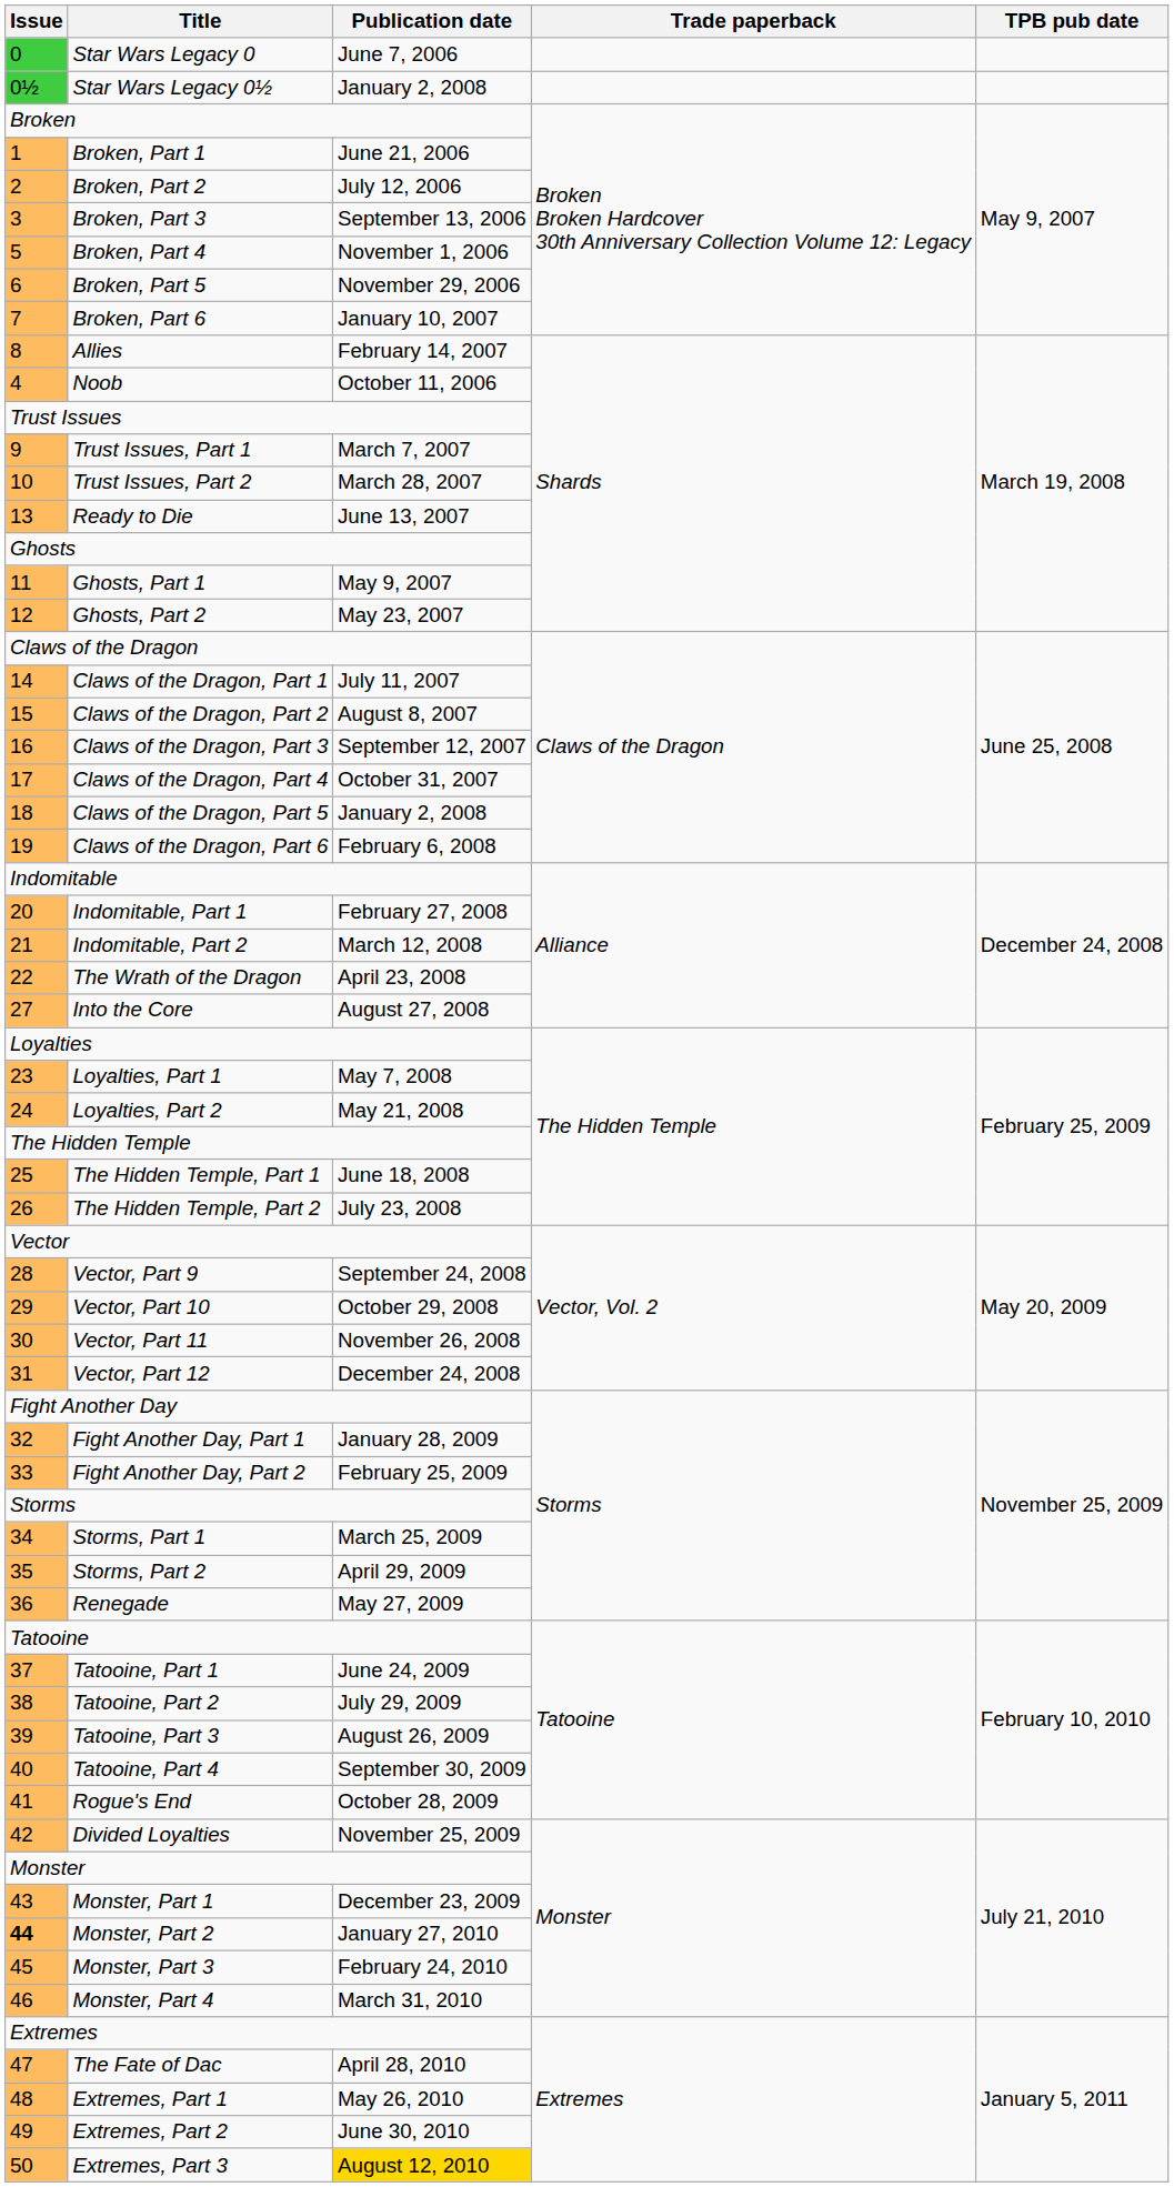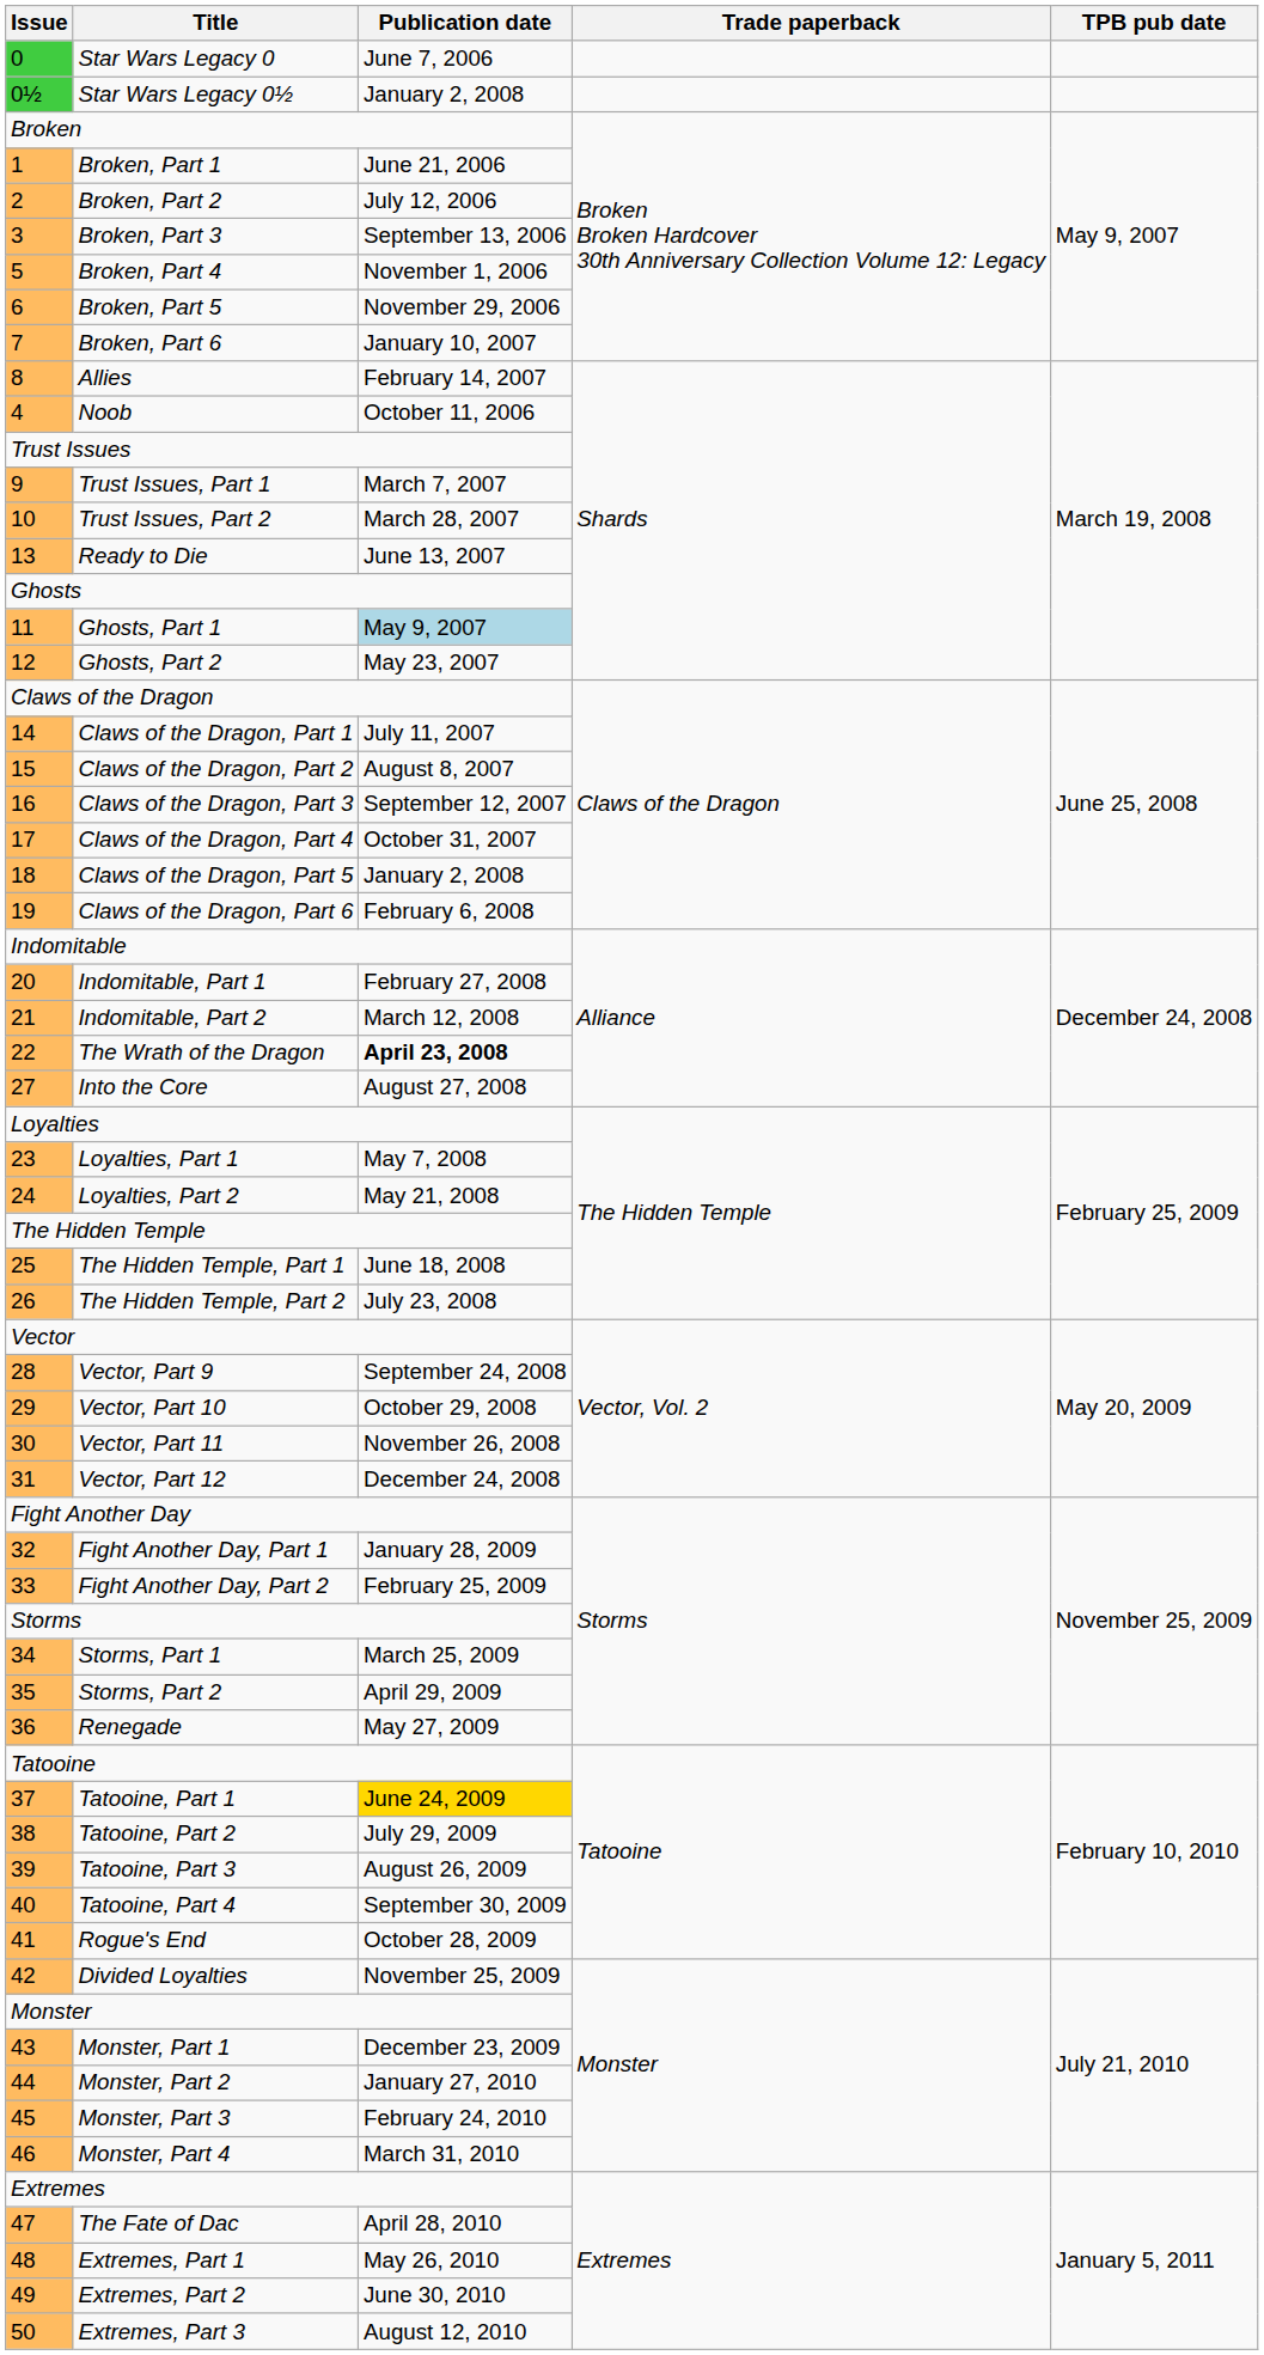 <table class="wikitable" border="1">
 <tr>
 <th>Issue</th>
 <th>Title</th>
 <th>Publication date</th>
 <th>Trade paperback</th>
 <th>TPB pub date</th>
 </tr>
 <tr>
 <td style="background-color:#40CC40;">0</td>
 <td><em>Star Wars Legacy 0</em></td>
 <td>June 7, 2006</td>
 <td></td>
 <td></td>
 </tr>
 <tr>
 <td style="background-color:#40CC40;">0½</td>
 <td><em>Star Wars Legacy 0½</em></td>
 <td>January 2, 2008</td>
 <td></td>
 <td></td>
 </tr>
 <tr>
 <td colspan="3"><em>Broken</em></td>
 <td rowspan="7"><em>Broken</em> <br><em>Broken Hardcover</em> <br> <em>30th Anniversary Collection Volume 12: Legacy</em></td>
 <td rowspan="7">May 9, 2007</td>
 </tr>
 <tr>
 <td style="background-color:#FFBB60;">1</td>
 <td><em>Broken, Part 1</em></td>
 <td>June 21, 2006</td>
 </tr>
 <tr>
 <td style="background-color:#FFBB60;">2</td>
 <td><em>Broken, Part 2</em></td>
 <td>July 12, 2006</td>
 </tr>
 <tr>
 <td style="background-color:#FFBB60;">3</td>
 <td><em>Broken, Part 3</em></td>
 <td>September 13, 2006</td>
 </tr>
 <tr>
 <td style="background-color:#FFBB60;">5</td>
 <td><em>Broken, Part 4</em></td>
 <td>November 1, 2006</td>
 </tr>
 <tr>
 <td style="background-color:#FFBB60;">6</td>
 <td><em>Broken, Part 5</em></td>
 <td>November 29, 2006</td>
 </tr>
 <tr>
 <td style="background-color:#FFBB60;">7</td>
 <td><em>Broken, Part 6</em></td>
 <td>January 10, 2007</td>
 </tr>
 <tr>
 <td style="background-color:#FFBB60;">8</td>
 <td><em>Allies</em></td>
 <td>February 14, 2007</td>
 <td rowspan="9"><em>Shards</em></td>
 <td rowspan="9">March 19, 2008</td>
 </tr>
 <tr>
 <td style="background-color:#FFBB60;">4</td>
 <td><em>Noob</em></td>
 <td>October 11, 2006</td>
 </tr>
 <tr>
 <td colspan="3"><em>Trust Issues</em></td>
 </tr>
 <tr>
 <td style="background-color:#FFBB60;">9</td>
 <td><em>Trust Issues, Part 1</em></td>
 <td>March 7, 2007</td>
 </tr>
 <tr>
 <td style="background-color:#FFBB60;">10</td>
 <td><em>Trust Issues, Part 2</em></td>
 <td>March 28, 2007</td>
 </tr>
 <tr>
 <td style="background-color:#FFBB60;">13</td>
 <td><em>Ready to Die</em></td>
 <td>June 13, 2007</td>
 </tr>
 <tr>
 <td colspan="3"><em>Ghosts</em></td>
 </tr>
 <tr>
 <td style="background-color:#FFBB60;">11</td>
 <td><em>Ghosts, Part 1</em></td>
-<td>May 9, 2007</td>
+<td style="background: lightblue;">May 9, 2007</td>
 </tr>
 <tr>
 <td style="background-color:#FFBB60;">12</td>
 <td><em>Ghosts, Part 2</em></td>
 <td>May 23, 2007</td>
 </tr>
 <tr>
 <td colspan="3"><em>Claws of the Dragon</em></td>
 <td rowspan="7"><em>Claws of the Dragon</em></td>
 <td rowspan="7">June 25, 2008</td>
 </tr>
 <tr>
 <td style="background-color:#FFBB60;">14</td>
 <td><em>Claws of the Dragon, Part 1</em></td>
 <td>July 11, 2007</td>
 </tr>
 <tr>
 <td style="background-color:#FFBB60;">15</td>
 <td><em>Claws of the Dragon, Part 2</em></td>
 <td>August 8, 2007</td>
 </tr>
 <tr>
 <td style="background-color:#FFBB60;">16</td>
 <td><em>Claws of the Dragon, Part 3</em></td>
 <td>September 12, 2007</td>
 </tr>
 <tr>
 <td style="background-color:#FFBB60;">17</td>
 <td><em>Claws of the Dragon, Part 4</em></td>
 <td>October 31, 2007</td>
 </tr>
 <tr>
 <td style="background-color:#FFBB60;">18</td>
 <td><em>Claws of the Dragon, Part 5</em></td>
 <td>January 2, 2008</td>
 </tr>
 <tr>
 <td style="background-color:#FFBB60;">19</td>
 <td><em>Claws of the Dragon, Part 6</em></td>
 <td>February 6, 2008</td>
 </tr>
 <tr>
 <td colspan="3"><em>Indomitable</em></td>
 <td rowspan="5"><em>Alliance</em></td>
 <td rowspan="5">December 24, 2008</td>
 </tr>
 <tr>
 <td style="background-color:#FFBB60;">20</td>
 <td><em>Indomitable, Part 1</em></td>
 <td>February 27, 2008</td>
 </tr>
 <tr>
 <td style="background-color:#FFBB60;">21</td>
 <td><em>Indomitable, Part 2</em></td>
 <td>March 12, 2008</td>
 </tr>
 <tr>
 <td style="background-color:#FFBB60;">22</td>
 <td><em>The Wrath of the Dragon</em></td>
-<td>April 23, 2008</td>
+<td><strong>April 23, 2008</strong></td>
 </tr>
 <tr>
 <td style="background-color:#FFBB60;">27</td>
 <td><em>Into the Core</em></td>
 <td>August 27, 2008</td>
 </tr>
 <tr>
 <td colspan="3"><em>Loyalties</em></td>
 <td rowspan="6"><em>The Hidden Temple</em></td>
 <td rowspan="6">February 25, 2009</td>
 </tr>
 <tr>
 <td style="background-color:#FFBB60;">23</td>
 <td><em>Loyalties, Part 1</em></td>
 <td>May 7, 2008</td>
 </tr>
 <tr>
 <td style="background-color:#FFBB60;">24</td>
 <td><em>Loyalties, Part 2</em></td>
 <td>May 21, 2008</td>
 </tr>
 <tr>
 <td colspan="3"><em>The Hidden Temple</em></td>
 </tr>
 <tr>
 <td style="background-color:#FFBB60;">25</td>
 <td><em>The Hidden Temple, Part 1</em></td>
 <td>June 18, 2008</td>
 </tr>
 <tr>
 <td style="background-color:#FFBB60;">26</td>
 <td><em>The Hidden Temple, Part 2</em></td>
 <td>July 23, 2008</td>
 </tr>
 <tr>
 <td colspan="3"><em>Vector</em></td>
 <td rowspan="5"><em>Vector, Vol. 2</em></td>
 <td rowspan="5">May 20, 2009</td>
 </tr>
 <tr>
 <td style="background-color:#FFBB60;">28</td>
 <td><em>Vector, Part 9</em></td>
 <td>September 24, 2008</td>
 </tr>
 <tr>
 <td style="background-color:#FFBB60;">29</td>
 <td><em>Vector, Part 10</em></td>
 <td>October 29, 2008</td>
 </tr>
 <tr>
 <td style="background-color:#FFBB60;">30</td>
 <td><em>Vector, Part 11</em></td>
 <td>November 26, 2008</td>
 </tr>
 <tr>
 <td style="background-color:#FFBB60;">31</td>
 <td><em>Vector, Part 12</em></td>
 <td>December 24, 2008</td>
 </tr>
 <tr>
 <td colspan="3"><em>Fight Another Day</em></td>
 <td rowspan="7"><em>Storms</em></td>
 <td rowspan="7">November 25, 2009</td>
 </tr>
 <tr>
 <td style="background-color:#FFBB60;">32</td>
 <td><em>Fight Another Day, Part 1</em></td>
 <td>January 28, 2009</td>
 </tr>
 <tr>
 <td style="background-color:#FFBB60;">33</td>
 <td><em>Fight Another Day, Part 2</em></td>
 <td>February 25, 2009</td>
 </tr>
 <tr>
 <td colspan="3"><em>Storms</em></td>
 </tr>
 <tr>
 <td style="background-color:#FFBB60;">34</td>
 <td><em>Storms, Part 1</em></td>
 <td>March 25, 2009</td>
 </tr>
 <tr>
 <td style="background-color:#FFBB60;">35</td>
 <td><em>Storms, Part 2</em></td>
 <td>April 29, 2009</td>
 </tr>
 <tr>
 <td style="background-color:#FFBB60;">36</td>
 <td><em>Renegade</em></td>
 <td>May 27, 2009</td>
 </tr>
 <tr>
 <td colspan="3"><em>Tatooine</em></td>
 <td rowspan="6"><em>Tatooine</em></td>
 <td rowspan="6">February 10, 2010</td>
 </tr>
 <tr>
 <td style="background-color:#FFBB60;">37</td>
 <td><em>Tatooine, Part 1</em></td>
-<td>June 24, 2009</td>
+<td style="background: gold;">June 24, 2009</td>
 </tr>
 <tr>
 <td style="background-color:#FFBB60;">38</td>
 <td><em>Tatooine, Part 2</em></td>
 <td>July 29, 2009</td>
 </tr>
 <tr>
 <td style="background-color:#FFBB60;">39</td>
 <td><em>Tatooine, Part 3</em></td>
 <td>August 26, 2009</td>
 </tr>
 <tr>
 <td style="background-color:#FFBB60;">40</td>
 <td><em>Tatooine, Part 4</em></td>
 <td>September 30, 2009</td>
 </tr>
 <tr>
 <td style="background-color:#FFBB60;">41</td>
 <td><em>Rogue's End</em></td>
 <td>October 28, 2009</td>
 </tr>
 <tr>
 <td style="background-color:#FFBB60;">42</td>
 <td><em>Divided Loyalties</em></td>
 <td>November 25, 2009</td>
 <td rowspan="6"><em>Monster</em></td>
 <td rowspan="6">July 21, 2010</td>
 </tr>
 <tr>
 <td colspan="3"><em>Monster</em></td>
 </tr>
 <tr>
 <td style="background-color:#FFBB60;">43</td>
 <td><em>Monster, Part 1</em></td>
 <td>December 23, 2009</td>
 </tr>
 <tr>
-<td style="background-color:#FFBB60;"><strong>44</strong></td>
+<td style="background-color:#FFBB60;">44</td>
 <td><em>Monster, Part 2</em></td>
 <td>January 27, 2010</td>
 </tr>
 <tr>
 <td style="background-color:#FFBB60;">45</td>
 <td><em>Monster, Part 3</em></td>
 <td>February 24, 2010</td>
 </tr>
 <tr>
 <td style="background-color:#FFBB60;">46</td>
 <td><em>Monster, Part 4</em></td>
 <td>March 31, 2010</td>
 </tr>
 <tr>
 <td colspan="3"><em>Extremes</em></td>
 <td rowspan="5"><em>Extremes</em></td>
 <td rowspan="7">January 5, 2011</td>
 </tr>
 <tr>
 <td style="background-color:#FFBB60;">47</td>
 <td><em>The Fate of Dac</em></td>
 <td>April 28, 2010</td>
 </tr>
 <tr>
 <td style="background-color:#FFBB60;">48</td>
 <td><em>Extremes, Part 1</em></td>
 <td>May 26, 2010</td>
 </tr>
 <tr>
 <td style="background-color:#FFBB60;">49</td>
 <td><em>Extremes, Part 2</em></td>
 <td>June 30, 2010</td>
 </tr>
 <tr>
 <td style="background-color:#FFBB60;">50</td>
 <td><em>Extremes, Part 3</em></td>
-<td style="background: gold;">August 12, 2010</td>
+<td>August 12, 2010</td>
 </tr>
 </table>
